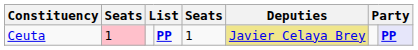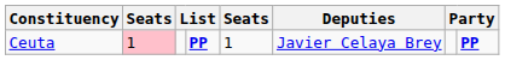 <table class="wikitable sortable">
 <tr>
 <th>Constituency</th>
 <th>Seats</th>
 <th colspan="2">List</th>
 <th>Seats</th>
 <th>Deputies</th>
 <th colspan="2">Party</th>
 </tr>
 <tr>
 <td><a href='#'>Ceuta</a></td>
 <td style="background: pink;">1</td>
 <td></td>
 <td><strong><a href='#'>PP</a></strong></td>
 <td>1</td>
-<td style="background: khaki;"><a href='#'>Javier Celaya Brey</a></td>
+<td><a href='#'>Javier Celaya Brey</a></td>
 <td></td>
-<td style="background: lavender;"><strong><a href='#'>PP</a></strong></td>
+<td><strong><a href='#'>PP</a></strong></td>
 </tr>
 </table>
